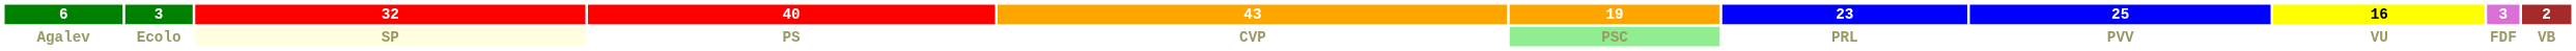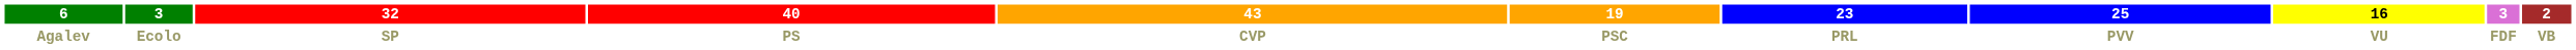 <table style="width:100%; font-size:88%; text-align:center;">
 <tr style="font-weight:bold">
 <td style="background:green; width:4.5%; color:white">6</td>
 <td style="background:green; width:2.6%; color:white">3</td>
 <td style="background:red; width:14.9%; color:white">32</td>
 <td style="background:red; width:15.6%; color:white">40</td>
 <td style="background:orange; width:19.5%; color:white">43</td>
 <td style="background:orange; width:8.0%; color:white">19</td>
 <td style="background:blue; width:9.4%; color:white">23</td>
 <td style="background:blue; width:11.5%; color:white">25</td>
 <td style="background:yellow; width:8.1%; color:black">16</td>
 <td style="background:orchid; width:1.2%; color:white">3</td>
 <td style="background:brown; width:1.9%; color:white">2</td>
 </tr>
 <tr style="font-weight:bold; color:#996;">
 <td>Agalev</td>
 <td>Ecolo</td>
-<td style="background: lightyellow;">SP</td>
+<td>SP</td>
 <td>PS</td>
 <td>CVP</td>
-<td style="background: lightgreen;">PSC</td>
+<td>PSC</td>
 <td>PRL</td>
 <td>PVV</td>
 <td>VU</td>
 <td>FDF</td>
 <td>VB</td>
 </tr>
 </table>
